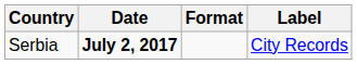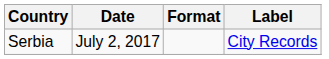 <table class="wikitable plainrowheaders">
 <tr>
 <th scope="col">Country</th>
 <th scope="col">Date</th>
 <th scope="col">Format</th>
 <th scope="col">Label</th>
 </tr>
 <tr>
 <td>Serbia</td>
-<td><strong>July 2, 2017</strong></td>
+<td>July 2, 2017</td>
 <td></td>
 <td><a href='#'>City Records</a></td>
 </tr>
 <tr>
 </tr>
 </table>
